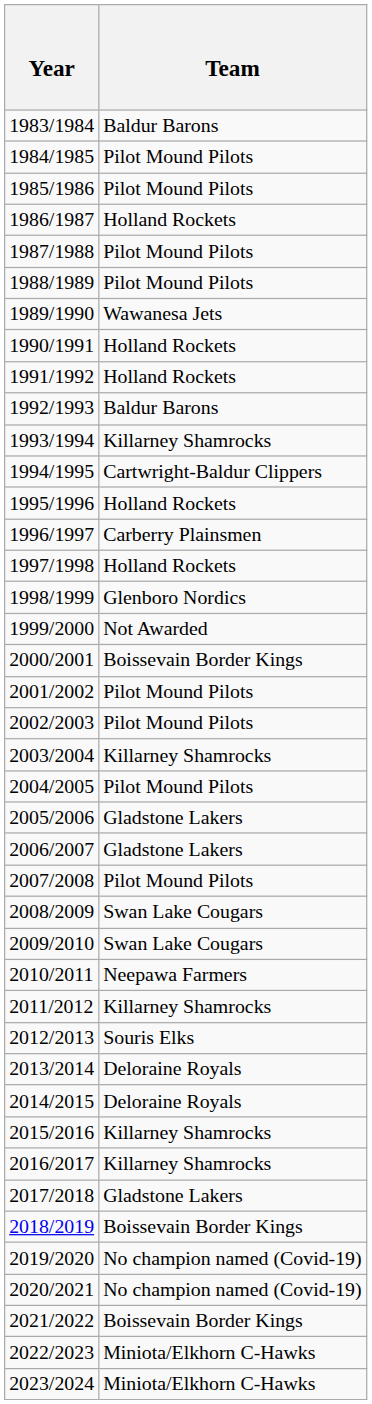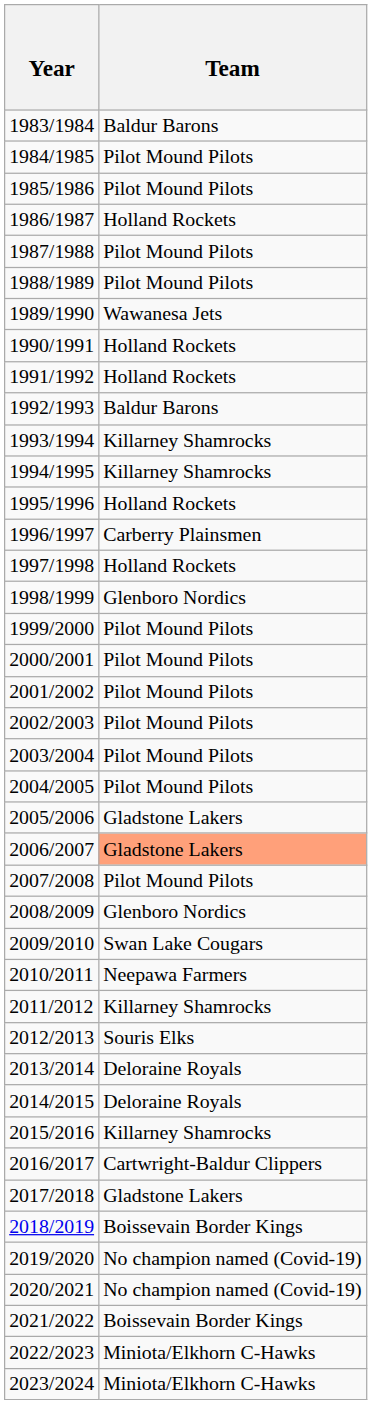 <table class="wikitable">
 <tr>
 <th><br><h3>Year</h3></th>
 <th><br><h3>Team</h3></th>
 </tr>
 <tr>
 <td>1983/1984</td>
 <td>Baldur Barons</td>
 </tr>
 <tr>
 <td>1984/1985</td>
 <td>Pilot Mound Pilots</td>
 </tr>
 <tr>
 <td>1985/1986</td>
 <td>Pilot Mound Pilots</td>
 </tr>
 <tr>
 <td>1986/1987</td>
 <td>Holland Rockets</td>
 </tr>
 <tr>
 <td>1987/1988</td>
 <td>Pilot Mound Pilots</td>
 </tr>
 <tr>
 <td>1988/1989</td>
 <td>Pilot Mound Pilots</td>
 </tr>
 <tr>
 <td>1989/1990</td>
 <td>Wawanesa Jets</td>
 </tr>
 <tr>
 <td>1990/1991</td>
 <td>Holland Rockets</td>
 </tr>
 <tr>
 <td>1991/1992</td>
 <td>Holland Rockets</td>
 </tr>
 <tr>
 <td>1992/1993</td>
 <td>Baldur Barons</td>
 </tr>
 <tr>
 <td>1993/1994</td>
 <td>Killarney Shamrocks</td>
 </tr>
 <tr>
 <td>1994/1995</td>
-<td>Cartwright-Baldur Clippers</td>
+<td>Killarney Shamrocks</td>
 </tr>
 <tr>
 <td>1995/1996</td>
 <td>Holland Rockets</td>
 </tr>
 <tr>
 <td>1996/1997</td>
 <td>Carberry Plainsmen</td>
 </tr>
 <tr>
 <td>1997/1998</td>
 <td>Holland Rockets</td>
 </tr>
 <tr>
 <td>1998/1999</td>
 <td>Glenboro Nordics</td>
 </tr>
 <tr>
 <td>1999/2000</td>
-<td>Not Awarded</td>
+<td>Pilot Mound Pilots</td>
 </tr>
 <tr>
 <td>2000/2001</td>
-<td>Boissevain Border Kings</td>
+<td>Pilot Mound Pilots</td>
 </tr>
 <tr>
 <td>2001/2002</td>
 <td>Pilot Mound Pilots</td>
 </tr>
 <tr>
 <td>2002/2003</td>
 <td>Pilot Mound Pilots</td>
 </tr>
 <tr>
 <td>2003/2004</td>
-<td>Killarney Shamrocks</td>
+<td>Pilot Mound Pilots</td>
 </tr>
 <tr>
 <td>2004/2005</td>
 <td>Pilot Mound Pilots</td>
 </tr>
 <tr>
 <td>2005/2006</td>
 <td>Gladstone Lakers</td>
 </tr>
 <tr>
 <td>2006/2007</td>
-<td>Gladstone Lakers</td>
+<td style="background: lightsalmon;">Gladstone Lakers</td>
 </tr>
 <tr>
 <td>2007/2008</td>
 <td>Pilot Mound Pilots</td>
 </tr>
 <tr>
 <td>2008/2009</td>
-<td>Swan Lake Cougars</td>
+<td>Glenboro Nordics</td>
 </tr>
 <tr>
 <td>2009/2010</td>
 <td>Swan Lake Cougars</td>
 </tr>
 <tr>
 <td>2010/2011</td>
 <td>Neepawa Farmers</td>
 </tr>
 <tr>
 <td>2011/2012</td>
 <td>Killarney Shamrocks</td>
 </tr>
 <tr>
 <td>2012/2013</td>
 <td>Souris Elks</td>
 </tr>
 <tr>
 <td>2013/2014</td>
 <td>Deloraine Royals</td>
 </tr>
 <tr>
 <td>2014/2015</td>
 <td>Deloraine Royals</td>
 </tr>
 <tr>
 <td>2015/2016</td>
 <td>Killarney Shamrocks</td>
 </tr>
 <tr>
 <td>2016/2017</td>
-<td>Killarney Shamrocks</td>
+<td>Cartwright-Baldur Clippers</td>
 </tr>
 <tr>
 <td>2017/2018</td>
 <td>Gladstone Lakers</td>
 </tr>
 <tr>
 <td><a href='#'>2018/2019</a></td>
 <td>Boissevain Border Kings</td>
 </tr>
 <tr>
 <td>2019/2020</td>
 <td>No champion named (Covid-19)</td>
 </tr>
 <tr>
 <td>2020/2021</td>
 <td>No champion named (Covid-19)</td>
 </tr>
 <tr>
 <td>2021/2022</td>
 <td>Boissevain Border Kings</td>
 </tr>
 <tr>
 <td>2022/2023</td>
 <td>Miniota/Elkhorn C-Hawks</td>
 </tr>
 <tr>
 <td>2023/2024</td>
 <td>Miniota/Elkhorn C-Hawks</td>
 </tr>
 </table>
